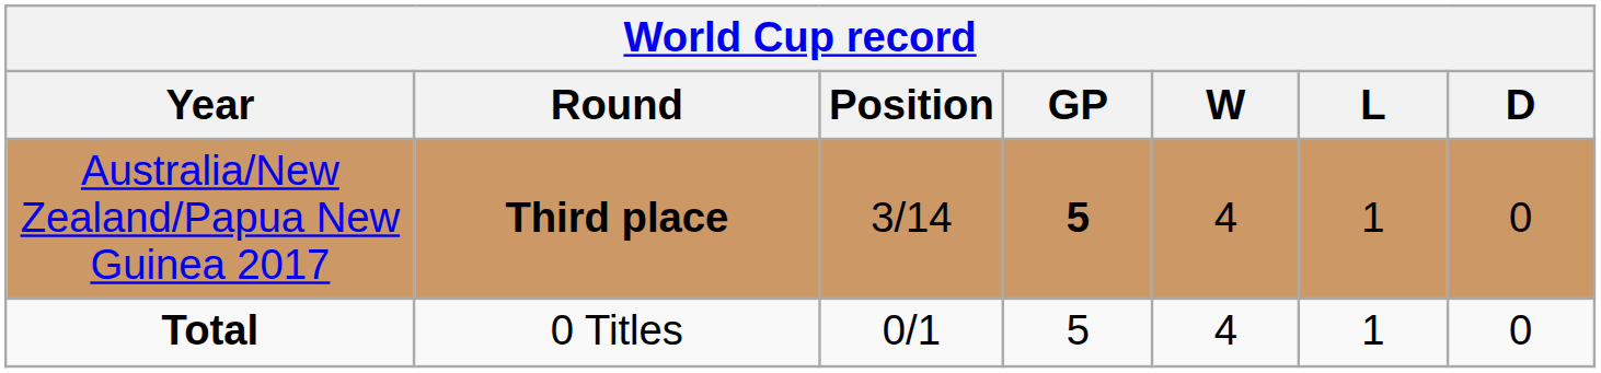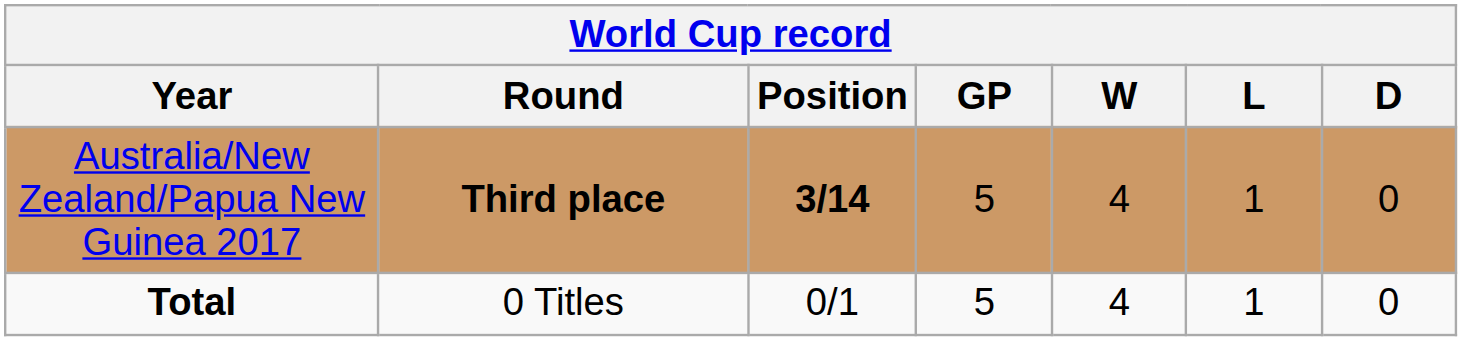 <table class="wikitable" style="text-align: center;">
 <tr>
 <th colspan=9><a href='#'>World Cup record</a></th>
 </tr>
 <tr>
 <th width=150>Year</th>
 <th width=150>Round</th>
 <th width=50>Position</th>
 <th width=50>GP</th>
 <th width=50>W</th>
 <th width=50>L</th>
 <th width=50>D</th>
 </tr>
 <tr bgcolor=cc9966>
 <td><a href='#'>Australia/New Zealand/Papua New Guinea 2017</a></td>
 <td><strong>Third place</strong></td>
-<td>3/14</td>
-<td><strong>5</strong></td>
+<td><strong>3/14</strong></td>
+<td>5</td>
 <td>4</td>
 <td>1</td>
 <td>0</td>
 </tr>
 <tr>
 <td><strong>Total</strong></td>
 <td>0 Titles</td>
 <td>0/1</td>
 <td>5</td>
 <td>4</td>
 <td>1</td>
 <td>0</td>
 </tr>
 </table>
